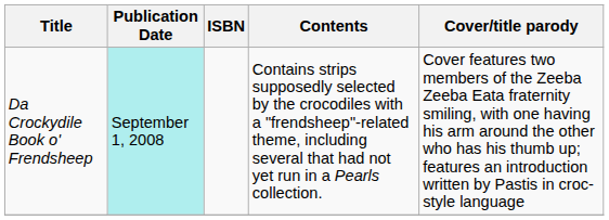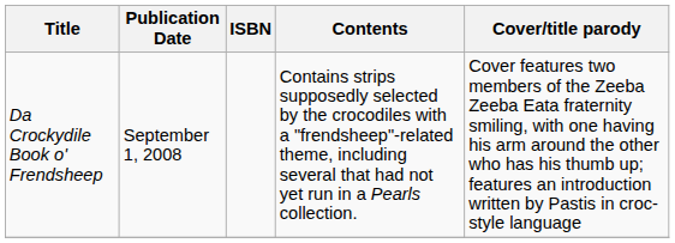 <table class="wikitable">
 <tr>
 <th>Title</th>
 <th>Publication Date</th>
 <th>ISBN</th>
 <th>Contents</th>
 <th>Cover/title parody</th>
 </tr>
 <tr stu>
 <td><em>Da Crockydile Book o' Frendsheep</em></td>
-<td style="background: paleturquoise;">September 1, 2008</td>
+<td>September 1, 2008</td>
 <td></td>
 <td>Contains strips supposedly selected by the crocodiles with a "frendsheep"-related theme, including several that had not yet run in a <em>Pearls</em> collection.</td>
 <td>Cover features two members of the Zeeba Zeeba Eata fraternity smiling, with one having his arm around the other who has his thumb up; features an introduction written by Pastis in croc-style language</td>
 </tr>
 <tr>
 </tr>
 </table>
